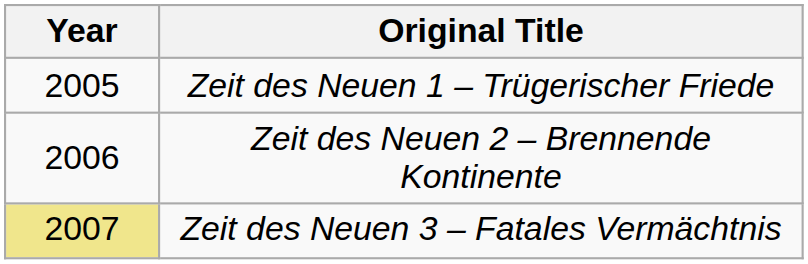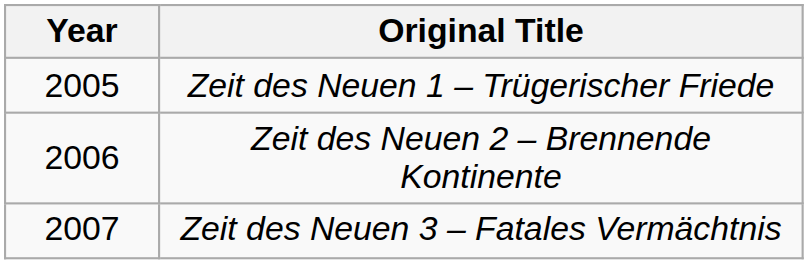 <table class="wikitable"  style="text-align:center; width:30%;">
 <tr>
 <th style="text-align:center; width:10%;">Year</th>
 <th style="text-align:center; width:45%;">Original Title</th>
 </tr>
 <tr>
 <td>2005</td>
 <td><em>Zeit des Neuen 1 – Trügerischer Friede</em></td>
 </tr>
 <tr>
 <td>2006</td>
 <td><em>Zeit des Neuen 2 – Brennende Kontinente</em></td>
 </tr>
 <tr>
-<td style="background: khaki;">2007</td>
+<td>2007</td>
 <td><em>Zeit des Neuen 3 – Fatales Vermächtnis</em></td>
 </tr>
 </table>
